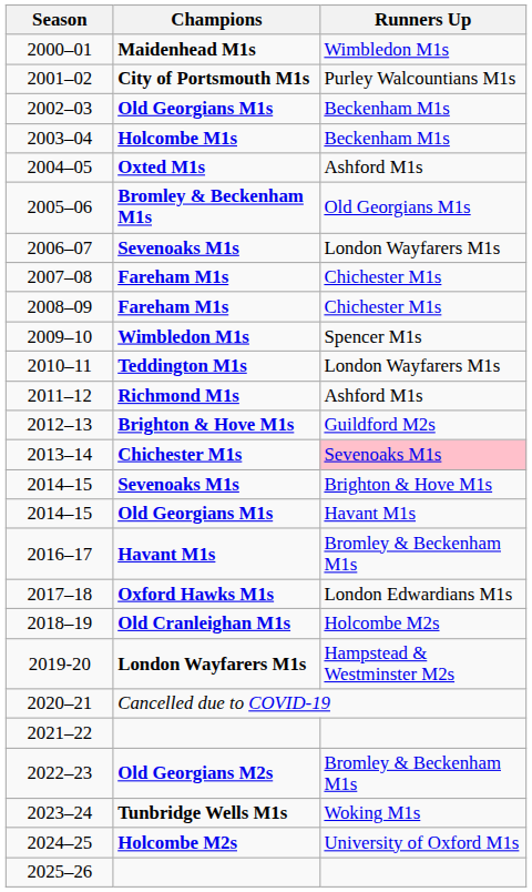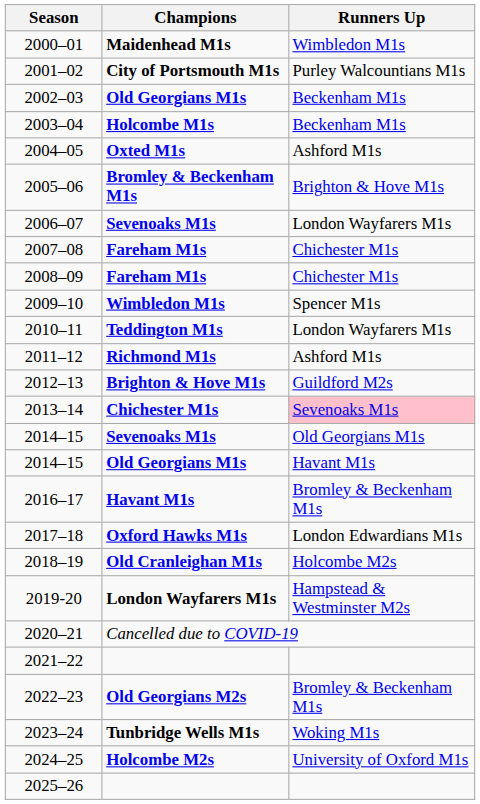 <table class="wikitable" style="text-align:centre; margin-left:1em;">
 <tr>
 <th style="width:85px">Season</th>
 <th style="width:170px">Champions</th>
 <th style="width:170px">Runners Up</th>
 </tr>
 <tr>
 <td style="text-align:center">2000–01</td>
 <td><strong>Maidenhead M1s</strong></td>
 <td><a href='#'>Wimbledon M1s</a></td>
 </tr>
 <tr>
 <td style="text-align:center">2001–02</td>
 <td><strong>City of Portsmouth M1s</strong></td>
 <td>Purley Walcountians M1s</td>
 </tr>
 <tr>
 <td style="text-align:center">2002–03</td>
 <td><strong><a href='#'>Old Georgians M1s</a></strong></td>
 <td><a href='#'>Beckenham M1s</a></td>
 </tr>
 <tr>
 <td style="text-align:center">2003–04</td>
 <td><strong><a href='#'>Holcombe M1s</a></strong></td>
 <td><a href='#'>Beckenham M1s</a></td>
 </tr>
 <tr>
 <td style="text-align:center">2004–05</td>
 <td><strong><a href='#'>Oxted M1s</a></strong></td>
 <td>Ashford M1s</td>
 </tr>
 <tr>
 <td style="text-align:center">2005–06</td>
 <td><strong><a href='#'>Bromley & Beckenham M1s</a></strong></td>
-<td><a href='#'>Old Georgians M1s</a></td>
+<td><a href='#'>Brighton & Hove M1s</a></td>
 </tr>
 <tr>
 <td style="text-align:center">2006–07</td>
 <td><strong><a href='#'>Sevenoaks M1s</a></strong></td>
 <td>London Wayfarers M1s</td>
 </tr>
 <tr>
 <td style="text-align:center">2007–08</td>
 <td><strong><a href='#'>Fareham M1s</a></strong></td>
 <td><a href='#'>Chichester M1s</a></td>
 </tr>
 <tr>
 <td style="text-align:center">2008–09</td>
 <td><strong><a href='#'>Fareham M1s</a></strong></td>
 <td><a href='#'>Chichester M1s</a></td>
 </tr>
 <tr>
 <td style="text-align:center">2009–10</td>
 <td><strong><a href='#'>Wimbledon M1s</a></strong></td>
 <td>Spencer M1s</td>
 </tr>
 <tr>
 <td style="text-align:center">2010–11</td>
 <td><strong><a href='#'>Teddington M1s</a></strong></td>
 <td>London Wayfarers M1s</td>
 </tr>
 <tr>
 <td style="text-align:center">2011–12</td>
 <td><strong><a href='#'>Richmond M1s</a></strong></td>
 <td>Ashford M1s</td>
 </tr>
 <tr>
 <td style="text-align:center">2012–13</td>
 <td><strong><a href='#'>Brighton & Hove M1s</a></strong></td>
 <td><a href='#'>Guildford M2s</a></td>
 </tr>
 <tr>
 <td style="text-align:center">2013–14</td>
 <td><strong><a href='#'>Chichester M1s</a></strong></td>
 <td style="background: pink;"><a href='#'>Sevenoaks M1s</a></td>
 </tr>
 <tr>
 <td style="text-align:center">2014–15</td>
 <td><strong><a href='#'>Sevenoaks M1s</a></strong></td>
-<td><a href='#'>Brighton & Hove M1s</a></td>
+<td><a href='#'>Old Georgians M1s</a></td>
 </tr>
 <tr>
 <td style="text-align:center">2014–15</td>
 <td><strong><a href='#'>Old Georgians M1s</a></strong></td>
 <td><a href='#'>Havant M1s</a></td>
 </tr>
 <tr>
 <td style="text-align:center">2016–17</td>
 <td><strong><a href='#'>Havant M1s</a></strong></td>
 <td><a href='#'>Bromley & Beckenham M1s</a></td>
 </tr>
 <tr>
 <td style="text-align:center">2017–18</td>
 <td><strong><a href='#'>Oxford Hawks M1s</a></strong></td>
 <td>London Edwardians M1s</td>
 </tr>
 <tr>
 <td style="text-align:center">2018–19</td>
 <td><strong><a href='#'>Old Cranleighan M1s</a></strong></td>
 <td><a href='#'>Holcombe M2s</a></td>
 </tr>
 <tr>
 <td style="text-align:center">2019-20</td>
 <td><strong>London Wayfarers M1s</strong></td>
 <td><a href='#'>Hampstead & Westminster M2s</a></td>
 </tr>
 <tr>
 <td style="text-align:center">2020–21</td>
 <td colspan=2><em>Cancelled due to <a href='#'>COVID-19</a></em></td>
 </tr>
 <tr>
 <td style="text-align:center">2021–22</td>
 <td></td>
 <td></td>
 </tr>
 <tr>
 <td style="text-align:center">2022–23</td>
 <td><strong><a href='#'>Old Georgians M2s</a></strong></td>
 <td><a href='#'>Bromley & Beckenham M1s</a></td>
 </tr>
 <tr>
 <td style="text-align:center">2023–24</td>
 <td><strong>Tunbridge Wells M1s</strong></td>
 <td><a href='#'>Woking M1s</a></td>
 </tr>
 <tr>
 <td style="text-align:center">2024–25</td>
 <td><strong><a href='#'>Holcombe M2s</a></strong></td>
 <td><a href='#'>University of Oxford M1s</a></td>
 </tr>
 <tr>
 <td style="text-align:center">2025–26</td>
 <td></td>
 <td></td>
 </tr>
 </table>
